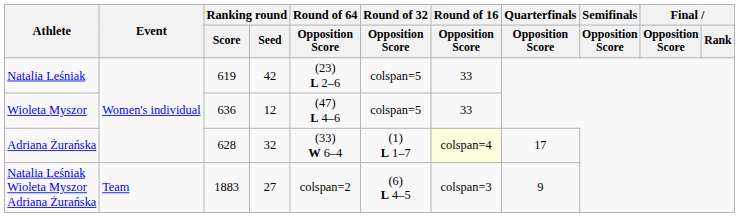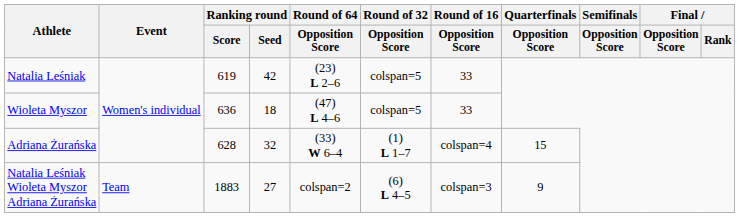 <table class="wikitable" style="font-size:90%">
 <tr>
 <th rowspan="2">Athlete</th>
 <th rowspan="2">Event</th>
 <th colspan="2">Ranking round</th>
 <th>Round of 64</th>
 <th>Round of 32</th>
 <th>Round of 16</th>
 <th>Quarterfinals</th>
 <th>Semifinals</th>
 <th colspan="2">Final / </th>
 </tr>
 <tr style="font-size:95%">
 <th>Score</th>
 <th>Seed</th>
 <th>Opposition<br>Score</th>
 <th>Opposition<br>Score</th>
 <th>Opposition<br>Score</th>
 <th>Opposition<br>Score</th>
 <th>Opposition<br>Score</th>
 <th>Opposition<br>Score</th>
 <th>Rank</th>
 </tr>
 <tr align=center>
 <td align=left><a href='#'>Natalia Leśniak</a></td>
 <td align=left rowspan=3><a href='#'>Women's individual</a></td>
 <td>619</td>
 <td>42</td>
 <td> (23) <br><strong>L</strong> 2–6</td>
 <td>colspan=5 </td>
 <td>33</td>
 </tr>
 <tr align=center>
 <td align=left><a href='#'>Wioleta Myszor</a></td>
 <td>636</td>
-<td>12</td>
+<td>18</td>
 <td> (47) <br><strong>L</strong> 4–6</td>
 <td>colspan=5 </td>
 <td>33</td>
 </tr>
 <tr align=center>
 <td align=left><a href='#'>Adriana Żurańska</a></td>
 <td>628</td>
 <td>32</td>
 <td> (33) <br><strong>W</strong> 6–4</td>
 <td> (1) <br><strong>L</strong> 1–7</td>
-<td style="background: lightyellow;">colspan=4 </td>
-<td>17</td>
+<td>colspan=4 </td>
+<td>15</td>
 </tr>
 <tr align=center>
 <td align=left><a href='#'>Natalia Leśniak</a><br><a href='#'>Wioleta Myszor</a><br><a href='#'>Adriana Żurańska</a></td>
 <td align=left><a href='#'>Team</a></td>
 <td>1883</td>
 <td>27</td>
 <td>colspan=2 </td>
 <td> (6)<br><strong>L</strong> 4–5</td>
 <td>colspan=3 </td>
 <td>9</td>
 </tr>
 </table>
